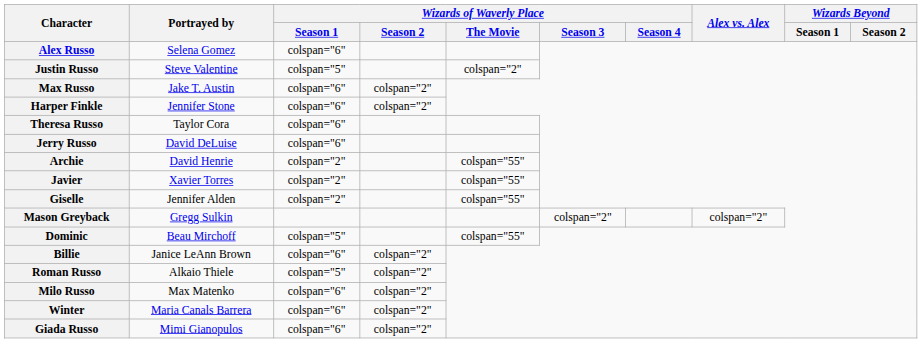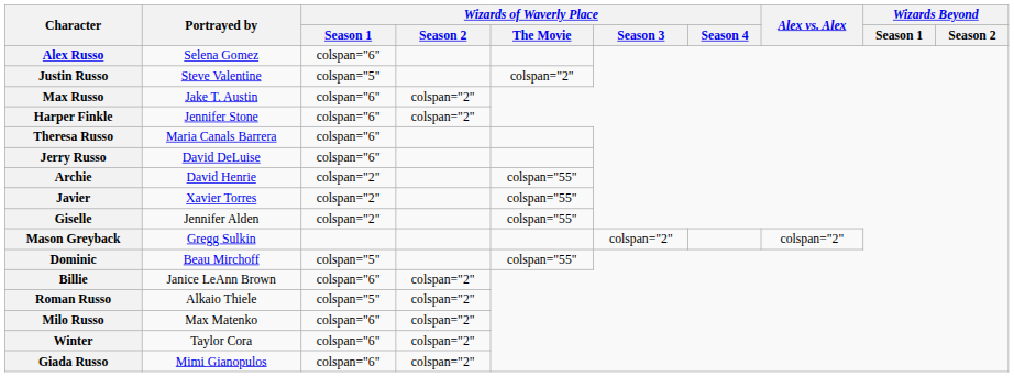 <table class="wikitable" style="text-align:center; width:99%;">
 <tr>
 <th rowspan="2">Character</th>
 <th style="scope:150px;" rowspan="2">Portrayed by</th>
 <th colspan="5"><em><a href='#'>Wizards of Waverly Place</a></em></th>
 <th rowspan="2"><em><a href='#'>Alex vs. Alex</a></em></th>
 <th colspan="2"><em><a href='#'>Wizards Beyond</a></em></th>
 </tr>
 <tr>
 <th><a href='#'>Season 1</a></th>
 <th><a href='#'>Season 2</a></th>
 <th><a href='#'>The Movie</a></th>
 <th><a href='#'>Season 3</a></th>
 <th><a href='#'>Season 4</a></th>
 <th>Season 1</th>
 <th>Season 2</th>
 </tr>
 <tr>
 <th><a href='#'>Alex Russo</a></th>
 <td><a href='#'>Selena Gomez</a></td>
 <td>colspan="6" </td>
 <td></td>
 <td></td>
 </tr>
 <tr>
 <th>Justin Russo</th>
 <td><a href='#'>Steve Valentine</a></td>
 <td>colspan="5" </td>
 <td></td>
 <td>colspan="2" </td>
 </tr>
 <tr>
 <th>Max Russo</th>
 <td><a href='#'>Jake T. Austin</a></td>
 <td>colspan="6" </td>
 <td>colspan="2" </td>
 </tr>
 <tr>
 <th>Harper Finkle</th>
 <td><a href='#'>Jennifer Stone</a></td>
 <td>colspan="6" </td>
 <td>colspan="2" </td>
 </tr>
 <tr>
 <th>Theresa Russo</th>
-<td>Taylor Cora</td>
+<td><a href='#'>Maria Canals Barrera</a></td>
 <td>colspan="6" </td>
 <td></td>
 <td></td>
 </tr>
 <tr>
 <th>Jerry Russo</th>
 <td><a href='#'>David DeLuise</a></td>
 <td>colspan="6" </td>
 <td></td>
 <td></td>
 </tr>
 <tr>
 <th>Archie</th>
 <td><a href='#'>David Henrie</a></td>
 <td>colspan="2" </td>
 <td></td>
 <td>colspan="55" </td>
 </tr>
 <tr>
 <th>Javier</th>
 <td><a href='#'>Xavier Torres</a></td>
 <td>colspan="2" </td>
 <td></td>
 <td>colspan="55" </td>
 </tr>
 <tr>
 <th>Giselle</th>
 <td>Jennifer Alden</td>
 <td>colspan="2" </td>
 <td></td>
 <td>colspan="55" </td>
 </tr>
 <tr>
 <th>Mason Greyback</th>
 <td><a href='#'>Gregg Sulkin</a></td>
 <td></td>
 <td></td>
 <td></td>
 <td>colspan="2" </td>
 <td></td>
 <td>colspan="2" </td>
 </tr>
 <tr>
 <th>Dominic</th>
 <td><a href='#'>Beau Mirchoff</a></td>
 <td>colspan="5" </td>
 <td></td>
 <td>colspan="55" </td>
 </tr>
 <tr>
 <th>Billie</th>
 <td>Janice LeAnn Brown</td>
 <td>colspan="6" </td>
 <td>colspan="2" </td>
 </tr>
 <tr>
 <th>Roman Russo</th>
 <td>Alkaio Thiele</td>
 <td>colspan="5" </td>
 <td>colspan="2" </td>
 </tr>
 <tr>
 <th>Milo Russo</th>
 <td>Max Matenko</td>
 <td>colspan="6" </td>
 <td>colspan="2" </td>
 </tr>
 <tr>
 <th>Winter</th>
-<td><a href='#'>Maria Canals Barrera</a></td>
+<td>Taylor Cora</td>
 <td>colspan="6" </td>
 <td>colspan="2" </td>
 </tr>
 <tr>
 <th>Giada Russo</th>
 <td><a href='#'>Mimi Gianopulos</a></td>
 <td>colspan="6" </td>
 <td>colspan="2" </td>
 </tr>
 </table>
